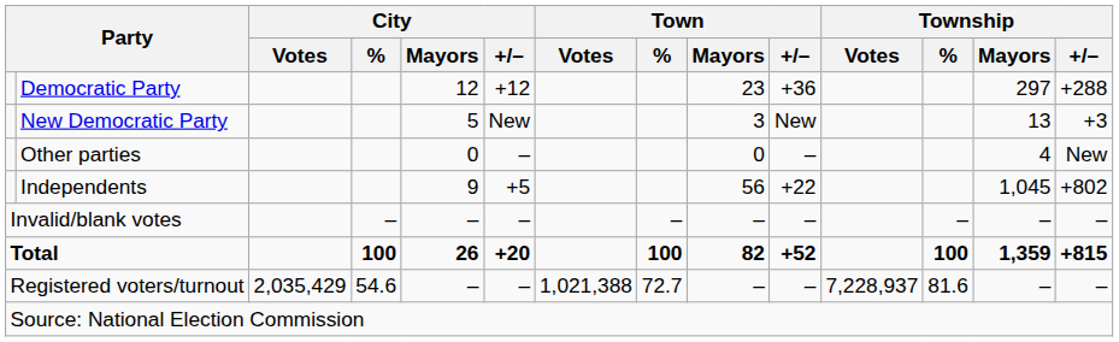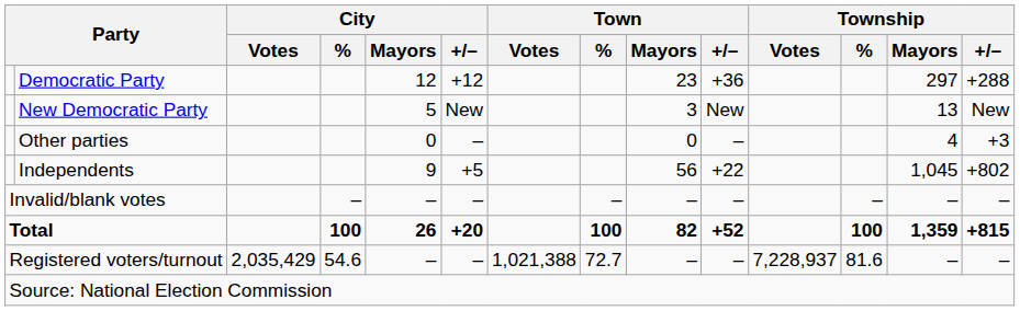 <table class="wikitable" style="text-align:right">
 <tr>
 <th colspan="2" rowspan="2">Party</th>
 <th colspan="4">City</th>
 <th colspan="4">Town</th>
 <th colspan="4">Township</th>
 </tr>
 <tr>
 <th>Votes</th>
 <th>%</th>
 <th>Mayors</th>
 <th>+/–</th>
 <th>Votes</th>
 <th>%</th>
 <th>Mayors</th>
 <th>+/–</th>
 <th>Votes</th>
 <th>%</th>
 <th>Mayors</th>
 <th>+/–</th>
 </tr>
 <tr>
 <td></td>
 <td align="left"><a href='#'>Democratic Party</a></td>
 <td></td>
 <td></td>
 <td>12</td>
 <td>+12</td>
 <td></td>
 <td></td>
 <td>23</td>
 <td>+36</td>
 <td></td>
 <td></td>
 <td>297</td>
 <td>+288</td>
 </tr>
 <tr>
 <td></td>
 <td align="left"><a href='#'>New Democratic Party</a></td>
 <td></td>
 <td></td>
 <td>5</td>
 <td>New</td>
 <td></td>
 <td></td>
 <td>3</td>
 <td>New</td>
 <td></td>
 <td></td>
 <td>13</td>
-<td>+3</td>
+<td>New</td>
 </tr>
 <tr>
 <td></td>
 <td align="left">Other parties</td>
 <td></td>
 <td></td>
 <td>0</td>
 <td>–</td>
 <td></td>
 <td></td>
 <td>0</td>
 <td>–</td>
 <td></td>
 <td></td>
 <td>4</td>
-<td>New</td>
+<td>+3</td>
 </tr>
 <tr>
 <td></td>
 <td align="left">Independents</td>
 <td></td>
 <td></td>
 <td>9</td>
 <td>+5</td>
 <td></td>
 <td></td>
 <td>56</td>
 <td>+22</td>
 <td></td>
 <td></td>
 <td>1,045</td>
 <td>+802</td>
 </tr>
 <tr>
 <td colspan="2" align="left">Invalid/blank votes</td>
 <td></td>
 <td>–</td>
 <td>–</td>
 <td>–</td>
 <td></td>
 <td>–</td>
 <td>–</td>
 <td>–</td>
 <td></td>
 <td>–</td>
 <td>–</td>
 <td>–</td>
 </tr>
 <tr>
 <td colspan="2" align="left"><strong>Total</strong></td>
 <td></td>
 <td><strong>100</strong></td>
 <td><strong>26</strong></td>
 <td><strong>+20</strong></td>
 <td></td>
 <td><strong>100</strong></td>
 <td><strong>82</strong></td>
 <td><strong>+52</strong></td>
 <td></td>
 <td><strong>100</strong></td>
 <td><strong>1,359</strong></td>
 <td><strong>+815</strong></td>
 </tr>
 <tr>
 <td colspan="2" align="left">Registered voters/turnout</td>
 <td>2,035,429</td>
 <td>54.6</td>
 <td>–</td>
 <td>–</td>
 <td>1,021,388</td>
 <td>72.7</td>
 <td>–</td>
 <td>–</td>
 <td>7,228,937</td>
 <td>81.6</td>
 <td>–</td>
 <td>–</td>
 </tr>
 <tr>
 <td colspan="14" align="left">Source: National Election Commission</td>
 </tr>
 </table>
